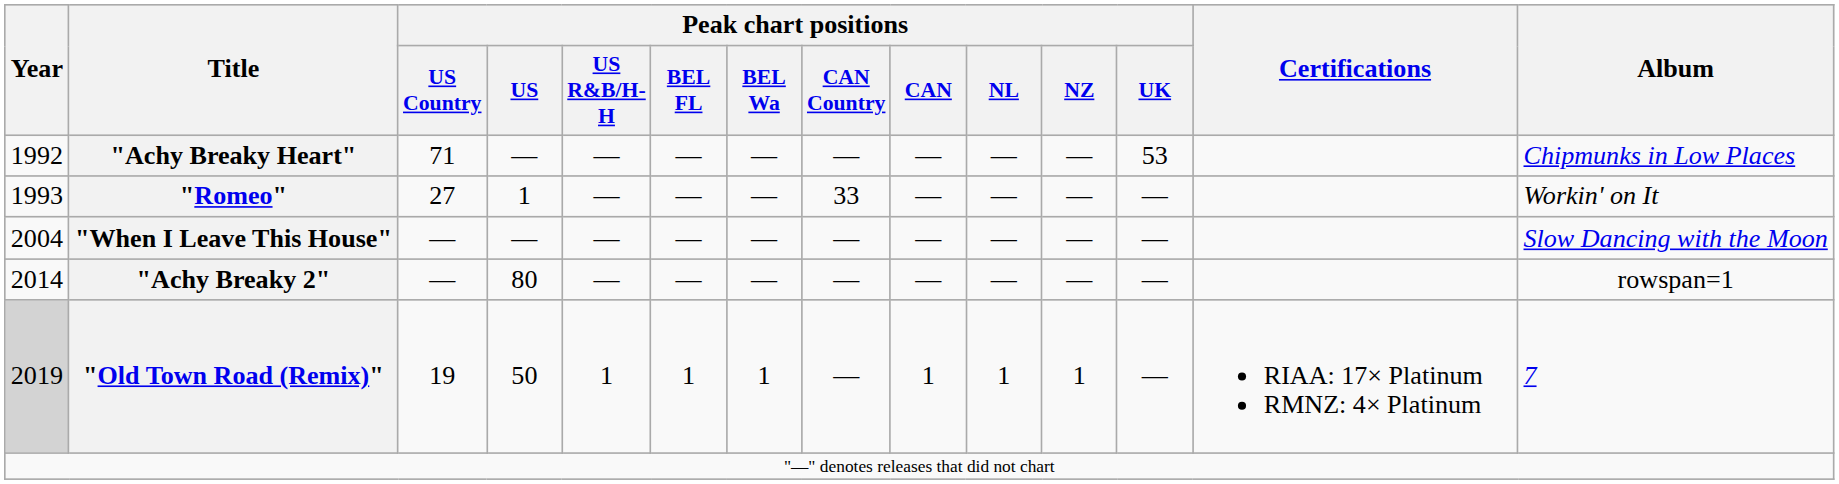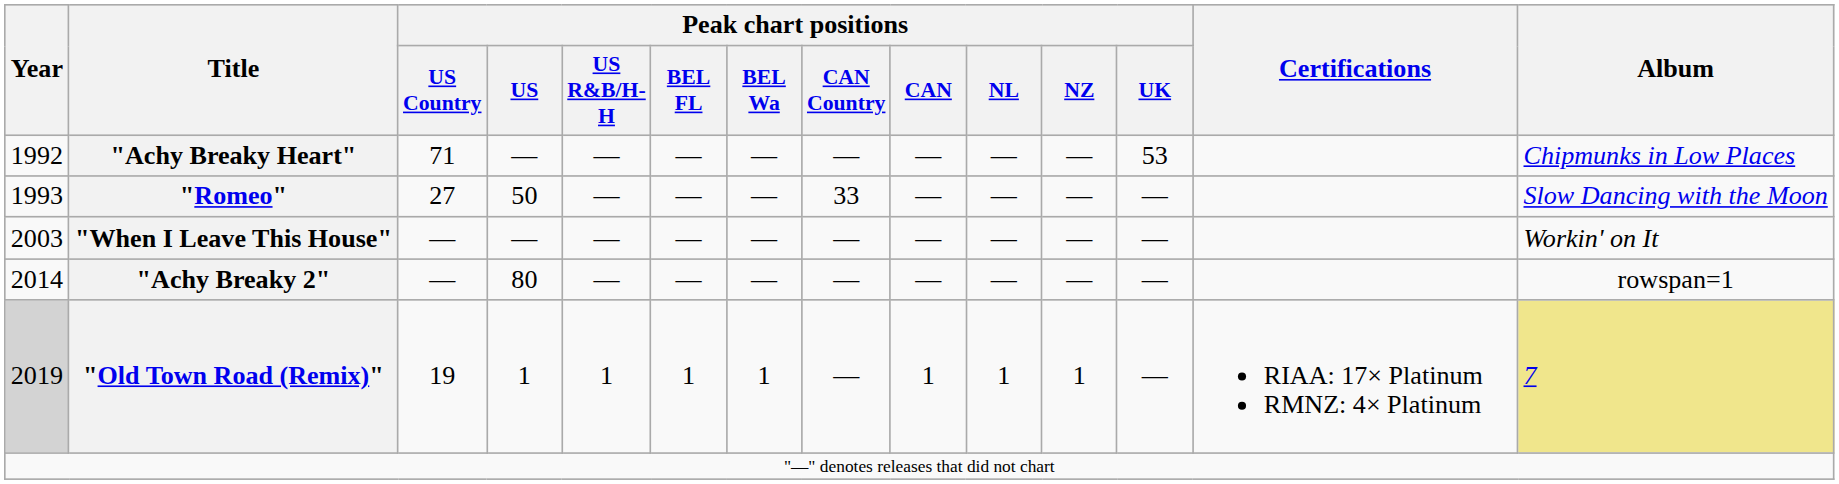 <table class="wikitable plainrowheaders" style="text-align:center;">
 <tr>
 <th rowspan="2">Year</th>
 <th rowspan="2">Title</th>
 <th colspan="10">Peak chart positions</th>
 <th rowspan="2" style="width:12em;"><a href='#'>Certifications</a></th>
 <th rowspan="2">Album</th>
 </tr>
 <tr style="font-size:smaller;">
 <th style="width:40px;"><a href='#'>US Country</a><br></th>
 <th style="width:40px;"><a href='#'>US</a><br></th>
 <th style="width:40px;"><a href='#'>US R&B/H-H</a><br></th>
 <th style="width:40px;"><a href='#'>BEL <br>FL</a><br></th>
 <th style="width:40px;"><a href='#'>BEL <br>Wa</a><br></th>
 <th style="width:40px;"><a href='#'>CAN Country</a><br></th>
 <th style="width:40px;"><a href='#'>CAN</a><br></th>
 <th style="width:40px;"><a href='#'>NL</a><br></th>
 <th style="width:40px;"><a href='#'>NZ</a><br></th>
 <th style="width:40px;"><a href='#'>UK</a><br></th>
 </tr>
 <tr>
 <td>1992</td>
 <th scope="row">"Achy Breaky Heart"<br></th>
 <td>71</td>
 <td>—</td>
 <td>—</td>
 <td>—</td>
 <td>—</td>
 <td>—</td>
 <td>—</td>
 <td>—</td>
 <td>—</td>
 <td>53</td>
 <td></td>
 <td style="text-align:left;"><em><a href='#'>Chipmunks in Low Places</a></em></td>
 </tr>
 <tr>
 <td>1993</td>
 <th scope="row">"<a href='#'>Romeo</a>"<br></th>
 <td>27</td>
-<td>1</td>
+<td>50</td>
 <td>—</td>
 <td>—</td>
 <td>—</td>
 <td>33</td>
 <td>—</td>
 <td>—</td>
 <td>—</td>
 <td>—</td>
 <td></td>
-<td style="text-align:left;"><em>Workin' on It</em></td>
+<td style="text-align:left;"><em><a href='#'>Slow Dancing with the Moon</a></em></td>
 </tr>
 <tr>
-<td>2004</td>
+<td>2003</td>
 <th scope="row">"When I Leave This House"<br></th>
 <td>—</td>
 <td>—</td>
 <td>—</td>
 <td>—</td>
 <td>—</td>
 <td>—</td>
 <td>—</td>
 <td>—</td>
 <td>—</td>
 <td>—</td>
 <td></td>
-<td style="text-align:left;"><em><a href='#'>Slow Dancing with the Moon</a></em></td>
+<td style="text-align:left;"><em>Workin' on It</em></td>
 </tr>
 <tr>
 <td>2014</td>
 <th scope="row">"Achy Breaky 2"<br></th>
 <td>—</td>
 <td>80</td>
 <td>—</td>
 <td>—</td>
 <td>—</td>
 <td>—</td>
 <td>—</td>
 <td>—</td>
 <td>—</td>
 <td>—</td>
 <td></td>
 <td>rowspan=1 </td>
 </tr>
 <tr>
 <td style="background: lightgrey;">2019</td>
 <th scope="row">"<a href='#'>Old Town Road (Remix)</a>"<br></th>
 <td>19</td>
-<td>50</td>
+<td>1</td>
 <td>1</td>
 <td>1</td>
 <td>1</td>
 <td>—</td>
 <td>1</td>
 <td>1</td>
 <td>1</td>
 <td>—</td>
 <td style="text-align:left;"><br><ul><li>RIAA: 17× Platinum</li><li>RMNZ: 4× Platinum</li></ul></td>
-<td style="text-align:left;"><em><a href='#'>7</a></em></td>
+<td style="background: khaki; text-align:left;"><em><a href='#'>7</a></em></td>
 </tr>
 <tr>
 <td colspan="15" style="font-size:8pt">"—" denotes releases that did not chart</td>
 </tr>
 </table>
